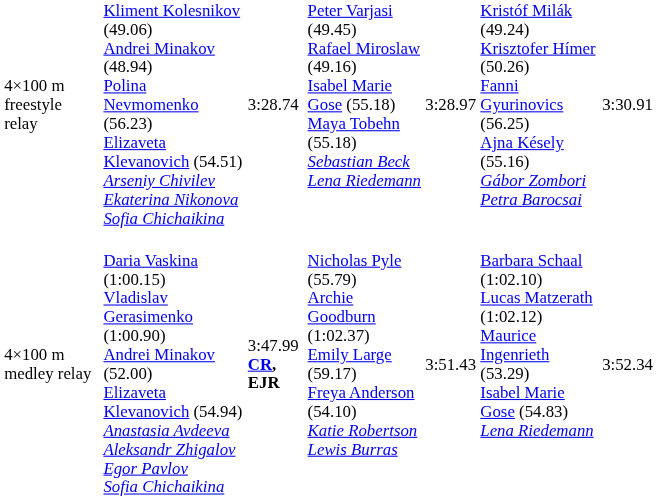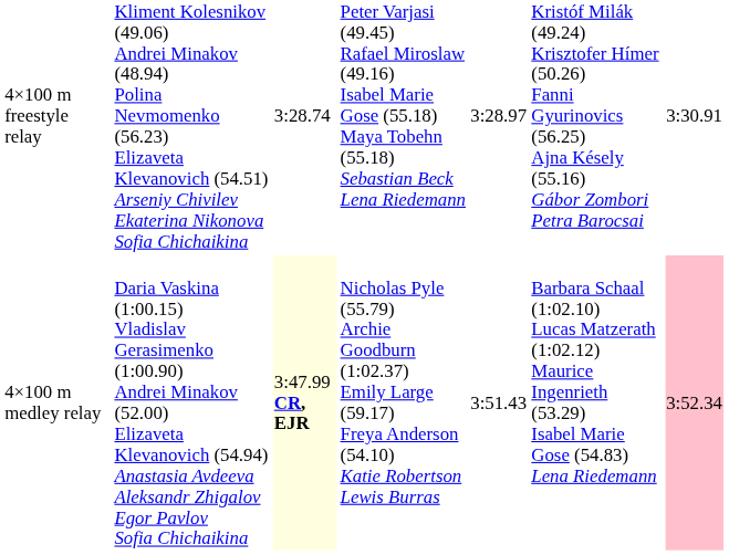 <table>
 <tr>
 <td>4×100 m freestyle relay</td>
 <td><br><a href='#'>Kliment Kolesnikov</a> (49.06)<br><a href='#'>Andrei Minakov</a> (48.94)<br><a href='#'>Polina Nevmomenko</a> (56.23)<br><a href='#'>Elizaveta Klevanovich</a> (54.51)<br><em><a href='#'>Arseniy Chivilev</a><br><a href='#'>Ekaterina Nikonova</a><br><a href='#'>Sofia Chichaikina</a></em></td>
 <td>3:28.74</td>
 <td valign=top><br><a href='#'>Peter Varjasi</a> (49.45)<br><a href='#'>Rafael Miroslaw</a> (49.16)<br><a href='#'>Isabel Marie Gose</a> (55.18)<br><a href='#'>Maya Tobehn</a> (55.18)<br><em><a href='#'>Sebastian Beck</a><br><a href='#'>Lena Riedemann</a></em></td>
 <td>3:28.97</td>
 <td valign=top><br><a href='#'>Kristóf Milák</a> (49.24)<br><a href='#'>Krisztofer Hímer</a> (50.26)<br><a href='#'>Fanni Gyurinovics</a> (56.25)<br><a href='#'>Ajna Késely</a> (55.16)<br><em><a href='#'>Gábor Zombori</a><br><a href='#'>Petra Barocsai</a></em></td>
 <td>3:30.91</td>
 </tr>
 <tr>
 <td>4×100 m medley relay</td>
 <td><br><a href='#'>Daria Vaskina</a> (1:00.15)<br><a href='#'>Vladislav Gerasimenko</a> (1:00.90)<br><a href='#'>Andrei Minakov</a> (52.00)<br><a href='#'>Elizaveta Klevanovich</a> (54.94)<br><em><a href='#'>Anastasia Avdeeva</a><br><a href='#'>Aleksandr Zhigalov</a><br><a href='#'>Egor Pavlov</a><br><a href='#'>Sofia Chichaikina</a></em></td>
-<td>3:47.99<br><strong><a href='#'>CR</a>, EJR</strong></td>
+<td style="background: lightyellow;">3:47.99<br><strong><a href='#'>CR</a>, EJR</strong></td>
 <td valign=top><br><a href='#'>Nicholas Pyle</a> (55.79)<br><a href='#'>Archie Goodburn</a> (1:02.37)<br><a href='#'>Emily Large</a> (59.17)<br><a href='#'>Freya Anderson</a> (54.10)<br><em><a href='#'>Katie Robertson</a><br><a href='#'>Lewis Burras</a></em></td>
 <td>3:51.43</td>
 <td valign=top><br><a href='#'>Barbara Schaal</a> (1:02.10)<br><a href='#'>Lucas Matzerath</a> (1:02.12)<br><a href='#'>Maurice Ingenrieth</a> (53.29)<br><a href='#'>Isabel Marie Gose</a> (54.83)<br><em><a href='#'>Lena Riedemann</a></em></td>
-<td>3:52.34</td>
+<td style="background: pink;">3:52.34</td>
 </tr>
 </table>
